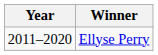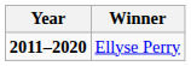 <table class="wikitable">
 <tr>
 <th>Year</th>
 <th>Winner</th>
 </tr>
 <tr>
-<td>2011–2020</td>
+<td><strong>2011–2020</strong></td>
 <td> <a href='#'>Ellyse Perry</a></td>
 </tr>
 </table>
